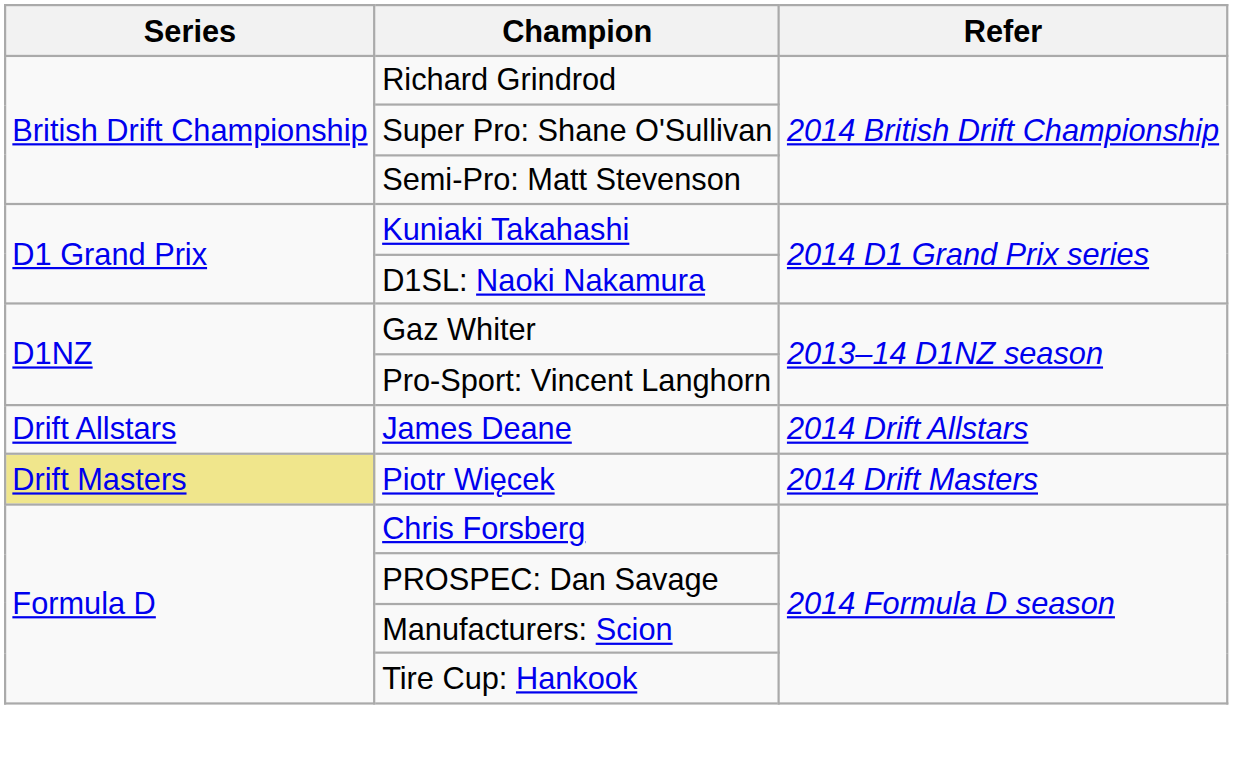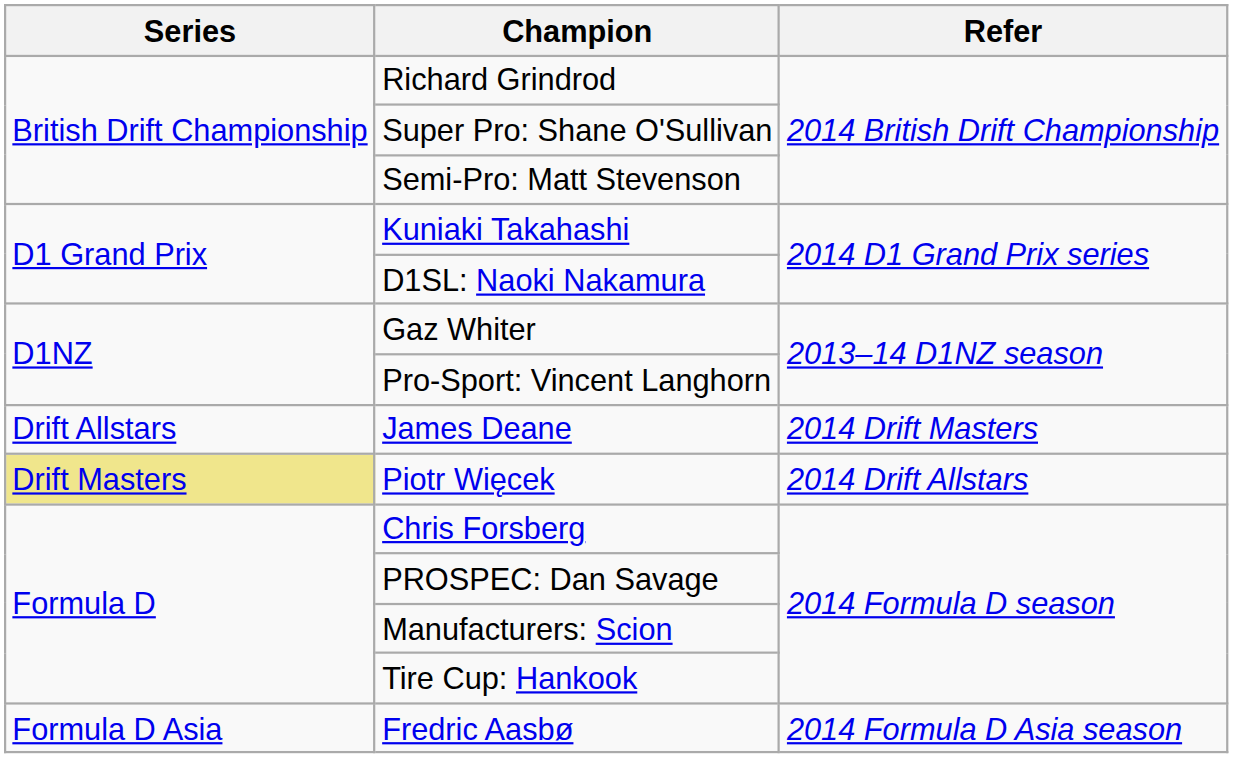 <table class="wikitable" style="font-size:87%;">
 <tr>
 <th>Series</th>
 <th>Champion</th>
 <th>Refer</th>
 </tr>
 <tr>
 <td rowspan=3><a href='#'>British Drift Championship</a></td>
 <td> Richard Grindrod</td>
 <td rowspan=3><em><a href='#'>2014 British Drift Championship</a></em></td>
 </tr>
 <tr>
 <td>Super Pro:  Shane O'Sullivan</td>
 </tr>
 <tr>
 <td>Semi-Pro:  Matt Stevenson</td>
 </tr>
 <tr>
 <td rowspan=2><a href='#'>D1 Grand Prix</a></td>
 <td> <a href='#'>Kuniaki Takahashi</a></td>
 <td rowspan=2><em><a href='#'>2014 D1 Grand Prix series</a></em></td>
 </tr>
 <tr>
 <td>D1SL:  <a href='#'>Naoki Nakamura</a></td>
 </tr>
 <tr>
 <td rowspan=2><a href='#'>D1NZ</a></td>
 <td> Gaz Whiter</td>
 <td rowspan=2><em><a href='#'>2013–14 D1NZ season</a></em></td>
 </tr>
 <tr>
 <td>Pro-Sport:  Vincent Langhorn</td>
 </tr>
 <tr>
 <td><a href='#'>Drift Allstars</a></td>
 <td> <a href='#'>James Deane</a></td>
-<td><em><a href='#'>2014 Drift Allstars</a></em></td>
+<td><em><a href='#'>2014 Drift Masters</a></em></td>
 </tr>
 <tr>
 <td style="background: khaki;"><a href='#'>Drift Masters</a></td>
 <td> <a href='#'>Piotr Więcek</a></td>
-<td><em><a href='#'>2014 Drift Masters</a></em></td>
+<td><em><a href='#'>2014 Drift Allstars</a></em></td>
 </tr>
 <tr>
 <td rowspan=4><a href='#'>Formula D</a></td>
 <td> <a href='#'>Chris Forsberg</a></td>
 <td rowspan=4><em><a href='#'>2014 Formula D season</a></em></td>
 </tr>
 <tr>
 <td>PROSPEC:  Dan Savage</td>
 </tr>
 <tr>
 <td>Manufacturers:  <a href='#'>Scion</a></td>
 </tr>
 <tr>
 <td>Tire Cup:  <a href='#'>Hankook</a></td>
 </tr>
+<tr>
+<td><a href='#'>Formula D Asia</a></td>
+<td> <a href='#'>Fredric Aasbø</a></td>
+<td><em><a href='#'>2014 Formula D Asia season</a></em></td>
+</tr>
 </table>
